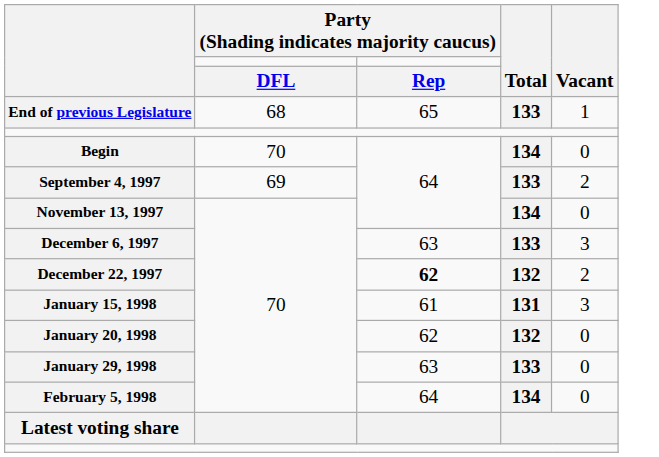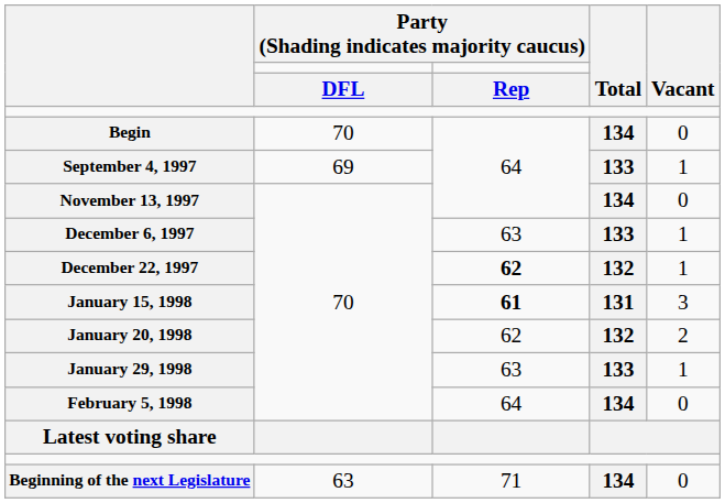 <table class=wikitable style="text-align:center">
 <tr style="vertical-align:bottom;">
 <th rowspan=3></th>
 <th colspan=2>Party <div>(Shading indicates majority caucus)</div></th>
 <th rowspan=3>Total</th>
 <th rowspan=3>Vacant</th>
 </tr>
 <tr style="height:5px">
 <td style="background-color:"></td>
 <td style="background-color:"></td>
 </tr>
 <tr>
 <th><a href='#'>DFL</a></th>
 <th><a href='#'>Rep</a></th>
 </tr>
 <tr>
-<th style="white-space:nowrap; font-size:80%;">End of <a href='#'>previous Legislature</a></th>
-<td>68</td>
-<td>65</td>
-<th>133</th>
-<td>1</td>
-</tr>
-<tr>
 <td colspan=5></td>
 </tr>
 <tr>
 <th style="font-size:80%">Begin</th>
 <td>70</td>
 <td rowspan="3">64</td>
 <th>134</th>
 <td>0</td>
 </tr>
 <tr>
 <th style="font-size:80%">September 4, 1997 </th>
 <td>69</td>
 <th>133</th>
-<td>2</td>
+<td>1</td>
 </tr>
 <tr>
 <th style="font-size:80%">November 13, 1997 </th>
 <td rowspan="7" >70</td>
 <th>134</th>
 <td>0</td>
 </tr>
 <tr>
 <th style="font-size:80%">December 6, 1997 </th>
 <td>63</td>
 <th>133</th>
-<td>3</td>
+<td>1</td>
 </tr>
 <tr>
 <th style="font-size:80%">December 22, 1997 </th>
 <td><strong>62</strong></td>
 <th>132</th>
-<td>2</td>
+<td>1</td>
 </tr>
 <tr>
 <th style="font-size:80%">January 15, 1998 </th>
-<td>61</td>
+<td><strong>61</strong></td>
 <th>131</th>
 <td>3</td>
 </tr>
 <tr>
 <th style="font-size:80%">January 20, 1998 </th>
 <td>62</td>
 <th>132</th>
-<td>0</td>
+<td>2</td>
 </tr>
 <tr>
 <th style="font-size:80%">January 29, 1998 </th>
 <td>63</td>
 <th>133</th>
-<td>0</td>
+<td>1</td>
 </tr>
 <tr>
 <th style="font-size:80%">February 5, 1998 </th>
 <td>64</td>
 <th>134</th>
 <td>0</td>
 </tr>
 <tr>
 <th>Latest voting share</th>
 <th></th>
 <th></th>
 <th colspan=2></th>
 </tr>
 <tr>
 <td colspan=5></td>
 </tr>
+<tr>
+<th style="white-space:nowrap; font-size:80%;">Beginning of the <a href='#'>next Legislature</a></th>
+<td>63</td>
+<td>71</td>
+<th>134</th>
+<td>0</td>
+</tr>
 </table>
